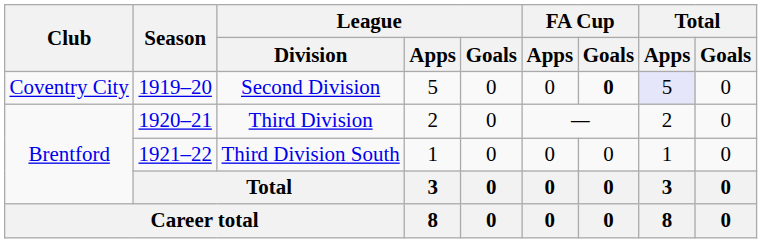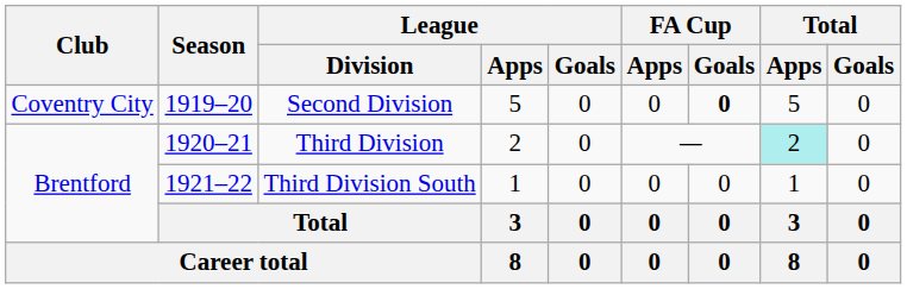 <table class="wikitable" style="text-align: center;">
 <tr>
 <th rowspan="2">Club</th>
 <th rowspan="2">Season</th>
 <th colspan="3">League</th>
 <th colspan="2">FA Cup</th>
 <th colspan="2">Total</th>
 </tr>
 <tr>
 <th>Division</th>
 <th>Apps</th>
 <th>Goals</th>
 <th>Apps</th>
 <th>Goals</th>
 <th>Apps</th>
 <th>Goals</th>
 </tr>
 <tr>
 <td><a href='#'>Coventry City</a></td>
 <td><a href='#'>1919–20</a></td>
 <td><a href='#'>Second Division</a></td>
 <td>5</td>
 <td>0</td>
 <td>0</td>
 <td><strong>0</strong></td>
-<td style="background: lavender;">5</td>
+<td>5</td>
 <td>0</td>
 </tr>
 <tr>
 <td rowspan="3"><a href='#'>Brentford</a></td>
 <td><a href='#'>1920–21</a></td>
 <td><a href='#'>Third Division</a></td>
 <td>2</td>
 <td>0</td>
 <td colspan="2"><em>—</em></td>
-<td>2</td>
+<td style="background: paleturquoise;">2</td>
 <td>0</td>
 </tr>
 <tr>
 <td><a href='#'>1921–22</a></td>
 <td><a href='#'>Third Division South</a></td>
 <td>1</td>
 <td>0</td>
 <td>0</td>
 <td>0</td>
 <td>1</td>
 <td>0</td>
 </tr>
 <tr>
 <th colspan="2">Total</th>
 <th>3</th>
 <th>0</th>
 <th>0</th>
 <th>0</th>
 <th>3</th>
 <th>0</th>
 </tr>
 <tr>
 <th colspan="3">Career total</th>
 <th>8</th>
 <th>0</th>
 <th>0</th>
 <th>0</th>
 <th>8</th>
 <th>0</th>
 </tr>
 </table>
